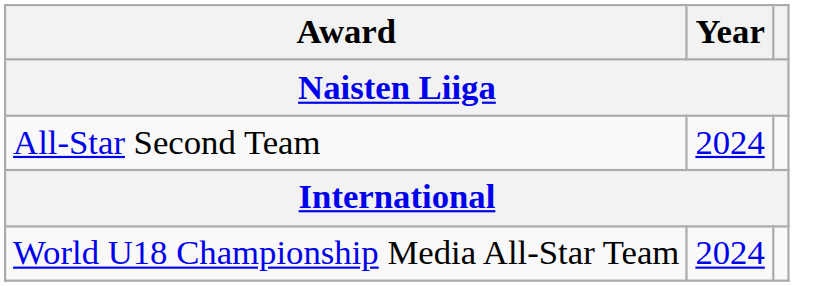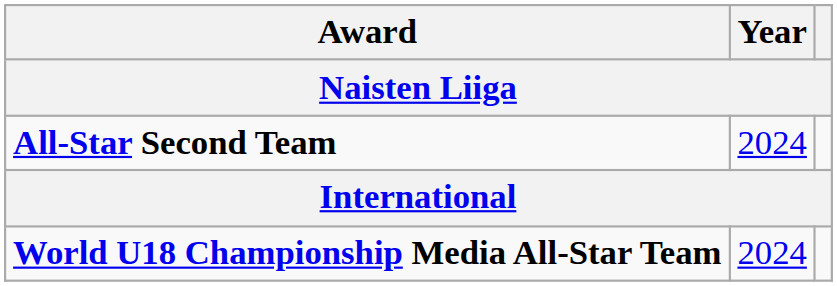 <table class="wikitable">
 <tr>
 <th>Award</th>
 <th>Year</th>
 <th></th>
 </tr>
 <tr>
 <th colspan="3"><a href='#'>Naisten Liiga</a></th>
 </tr>
 <tr>
-<td><a href='#'>All-Star</a> Second Team</td>
+<td><strong><a href='#'>All-Star</a> Second Team</strong></td>
 <td><a href='#'>2024</a></td>
 <td></td>
 </tr>
 <tr>
 <th colspan="3"><a href='#'>International</a></th>
 </tr>
 <tr>
-<td><a href='#'>World U18 Championship</a> Media All-Star Team</td>
+<td><strong><a href='#'>World U18 Championship</a> Media All-Star Team</strong></td>
 <td><a href='#'>2024</a></td>
 <td></td>
 </tr>
 </table>
